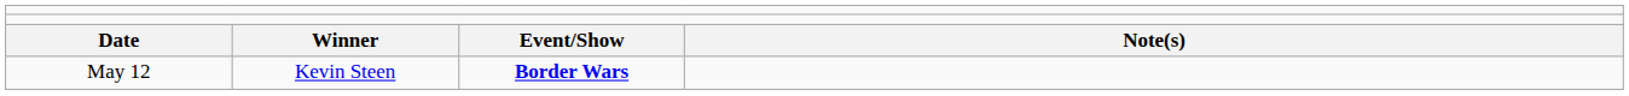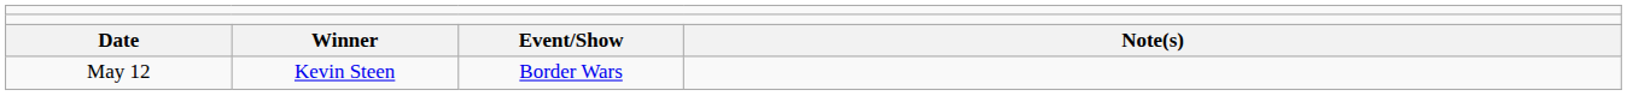 <table class="wikitable" style="text-align:center; width:100%;">
 <tr>
 <td colspan="5"></td>
 </tr>
 <tr>
 <td colspan="5"><strong></strong></td>
 </tr>
 <tr>
 <th width=14%>Date</th>
 <th width=14%>Winner</th>
 <th width=14%>Event/Show</th>
 <th width=58%>Note(s)</th>
 </tr>
 <tr>
 <td>May 12</td>
 <td><a href='#'>Kevin Steen</a></td>
-<td><strong><a href='#'>Border Wars</a></strong></td>
+<td><a href='#'>Border Wars</a></td>
 <td align="left"></td>
 </tr>
 </table>
